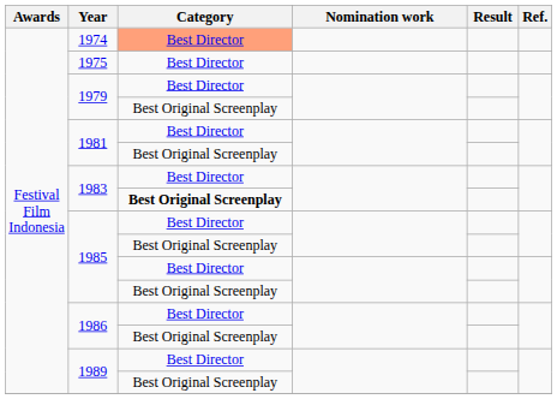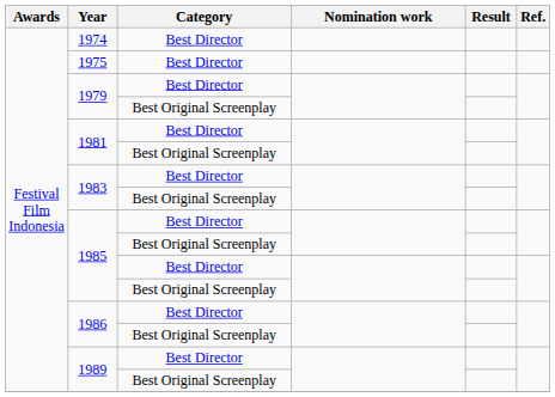 <table class="wikitable" style="text-align: center;">
 <tr>
 <th style="width: 33px;">Awards</th>
 <th style="width: 50px;">Year</th>
 <th style="width: 200px;">Category</th>
 <th style="width: 200px;">Nomination work</th>
 <th style="width: 50px;">Result</th>
 <th style="width: 30px;">Ref.</th>
 </tr>
 <tr>
 <td rowspan= "16"><a href='#'>Festival Film Indonesia</a></td>
 <td><a href='#'>1974</a></td>
-<td style="background: lightsalmon;"><a href='#'>Best Director</a></td>
+<td><a href='#'>Best Director</a></td>
 <td></td>
 <td></td>
 <td></td>
 </tr>
 <tr>
 <td><a href='#'>1975</a></td>
 <td><a href='#'>Best Director</a></td>
 <td></td>
 <td></td>
 <td></td>
 </tr>
 <tr>
 <td rowspan= "2"><a href='#'>1979</a></td>
 <td><a href='#'>Best Director</a></td>
 <td rowspan= "2"></td>
 <td></td>
 <td rowspan= "2"></td>
 </tr>
 <tr>
 <td>Best Original Screenplay</td>
 <td></td>
 </tr>
 <tr>
 <td rowspan= "2"><a href='#'>1981</a></td>
 <td><a href='#'>Best Director</a></td>
 <td rowspan= "2"></td>
 <td></td>
 <td rowspan= "2"></td>
 </tr>
 <tr>
 <td>Best Original Screenplay</td>
 <td></td>
 </tr>
 <tr>
 <td rowspan= "2"><a href='#'>1983</a></td>
 <td><a href='#'>Best Director</a></td>
 <td rowspan= "2"></td>
 <td></td>
 <td rowspan= "2"></td>
 </tr>
 <tr>
-<td><strong>Best Original Screenplay</strong></td>
+<td>Best Original Screenplay</td>
 <td></td>
 </tr>
 <tr>
 <td rowspan= "4"><a href='#'>1985</a></td>
 <td><a href='#'>Best Director</a></td>
 <td rowspan= "2"></td>
 <td></td>
 <td rowspan= "2"></td>
 </tr>
 <tr>
 <td>Best Original Screenplay</td>
 <td></td>
 </tr>
 <tr>
 <td><a href='#'>Best Director</a></td>
 <td rowspan= "2"></td>
 <td></td>
 <td rowspan= "2"></td>
 </tr>
 <tr>
 <td>Best Original Screenplay</td>
 <td></td>
 </tr>
 <tr>
 <td rowspan= "2"><a href='#'>1986</a></td>
 <td><a href='#'>Best Director</a></td>
 <td rowspan= "2"></td>
 <td></td>
 <td rowspan= "2"></td>
 </tr>
 <tr>
 <td>Best Original Screenplay</td>
 <td></td>
 </tr>
 <tr>
 <td rowspan= "2"><a href='#'>1989</a></td>
 <td><a href='#'>Best Director</a></td>
 <td rowspan= "2"></td>
 <td></td>
 <td rowspan= "2"></td>
 </tr>
 <tr>
 <td>Best Original Screenplay</td>
 <td></td>
 </tr>
 <tr>
 </tr>
 </table>
